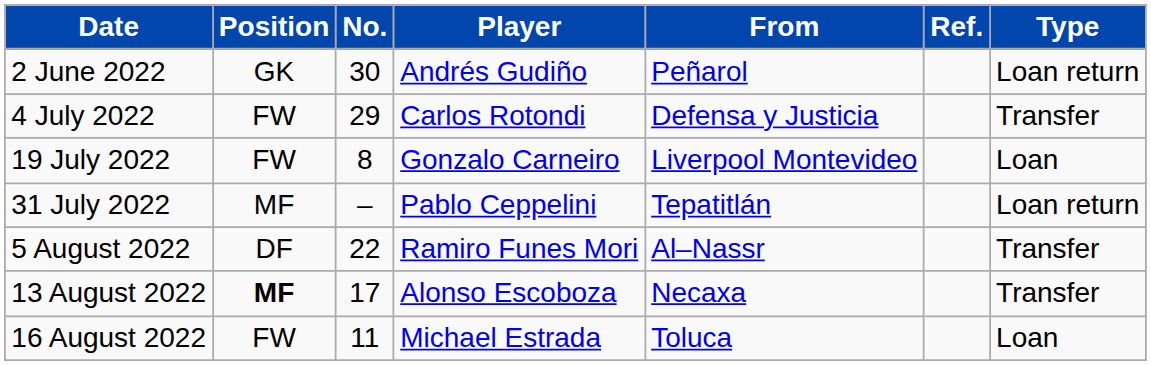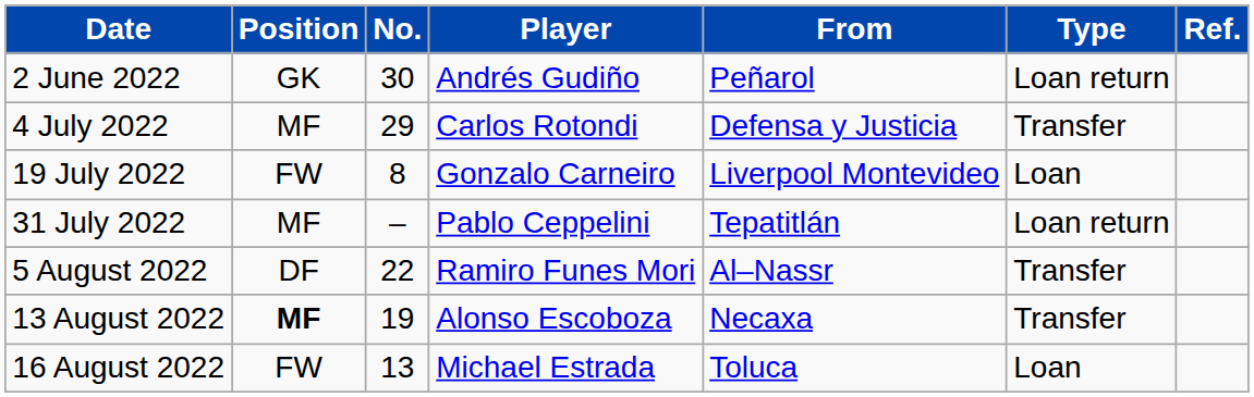 <table class="wikitable plainrowheaders sortable">
 <tr>
 <th style="background:#0046AD; color:#FFFFFF; ">Date</th>
 <th style="background:#0046AD; color:#FFFFFF; ">Position</th>
 <th style="background:#0046AD; color:#FFFFFF; ">No.</th>
 <th style="background:#0046AD; color:#FFFFFF; ">Player</th>
 <th style="background:#0046AD; color:#FFFFFF; ">From</th>
+<th style="background:#0046AD; color:#FFFFFF; ">Type</th>
 <th style="background:#0046AD; color:#FFFFFF; ">Ref.</th>
-<th style="background:#0046AD; color:#FFFFFF; ">Type</th>
 </tr>
 <tr>
 <td>2 June 2022</td>
 <td style="text-align:center;">GK</td>
 <td style="text-align:center;">30</td>
 <td style="text-align:left;"> <a href='#'>Andrés Gudiño</a></td>
 <td style="text-align:left;"> <a href='#'>Peñarol</a></td>
+<td>Loan return</td>
 <td></td>
-<td>Loan return</td>
 </tr>
 <tr>
 <td>4 July 2022</td>
-<td style="text-align:center;">FW</td>
+<td style="text-align:center;">MF</td>
 <td style="text-align:center;">29</td>
 <td style="text-align:left;"> <a href='#'>Carlos Rotondi</a></td>
 <td style="text-align:left;"> <a href='#'>Defensa y Justicia</a></td>
+<td>Transfer</td>
 <td></td>
-<td>Transfer</td>
 </tr>
 <tr>
 <td>19 July 2022</td>
 <td style="text-align:center;">FW</td>
 <td style="text-align:center;">8</td>
 <td style="text-align:left;"> <a href='#'>Gonzalo Carneiro</a></td>
 <td style="text-align:left;"> <a href='#'>Liverpool Montevideo</a></td>
+<td>Loan</td>
 <td></td>
-<td>Loan</td>
 </tr>
 <tr>
 <td>31 July 2022</td>
 <td style="text-align:center;">MF</td>
 <td style="text-align:center;">–</td>
 <td style="text-align:left;"> <a href='#'>Pablo Ceppelini</a></td>
 <td style="text-align:left;"> <a href='#'>Tepatitlán</a></td>
+<td>Loan return</td>
 <td></td>
-<td>Loan return</td>
 </tr>
 <tr>
 <td>5 August 2022</td>
 <td style="text-align:center;">DF</td>
 <td style="text-align:center;">22</td>
 <td style="text-align:left;"> <a href='#'>Ramiro Funes Mori</a></td>
 <td style="text-align:left;"> <a href='#'>Al–Nassr</a></td>
+<td>Transfer</td>
 <td></td>
-<td>Transfer</td>
 </tr>
 <tr>
 <td>13 August 2022</td>
 <td style="text-align:center;"><strong>MF</strong></td>
-<td style="text-align:center;">17</td>
+<td style="text-align:center;">19</td>
 <td style="text-align:left;"> <a href='#'>Alonso Escoboza</a></td>
 <td style="text-align:left;"> <a href='#'>Necaxa</a></td>
+<td>Transfer</td>
 <td></td>
-<td>Transfer</td>
 </tr>
 <tr>
 <td>16 August 2022</td>
 <td style="text-align:center;">FW</td>
-<td style="text-align:center;">11</td>
+<td style="text-align:center;">13</td>
 <td style="text-align:left;"> <a href='#'>Michael Estrada</a></td>
 <td style="text-align:left;"> <a href='#'>Toluca</a></td>
+<td>Loan</td>
 <td></td>
-<td>Loan</td>
 </tr>
 </table>
